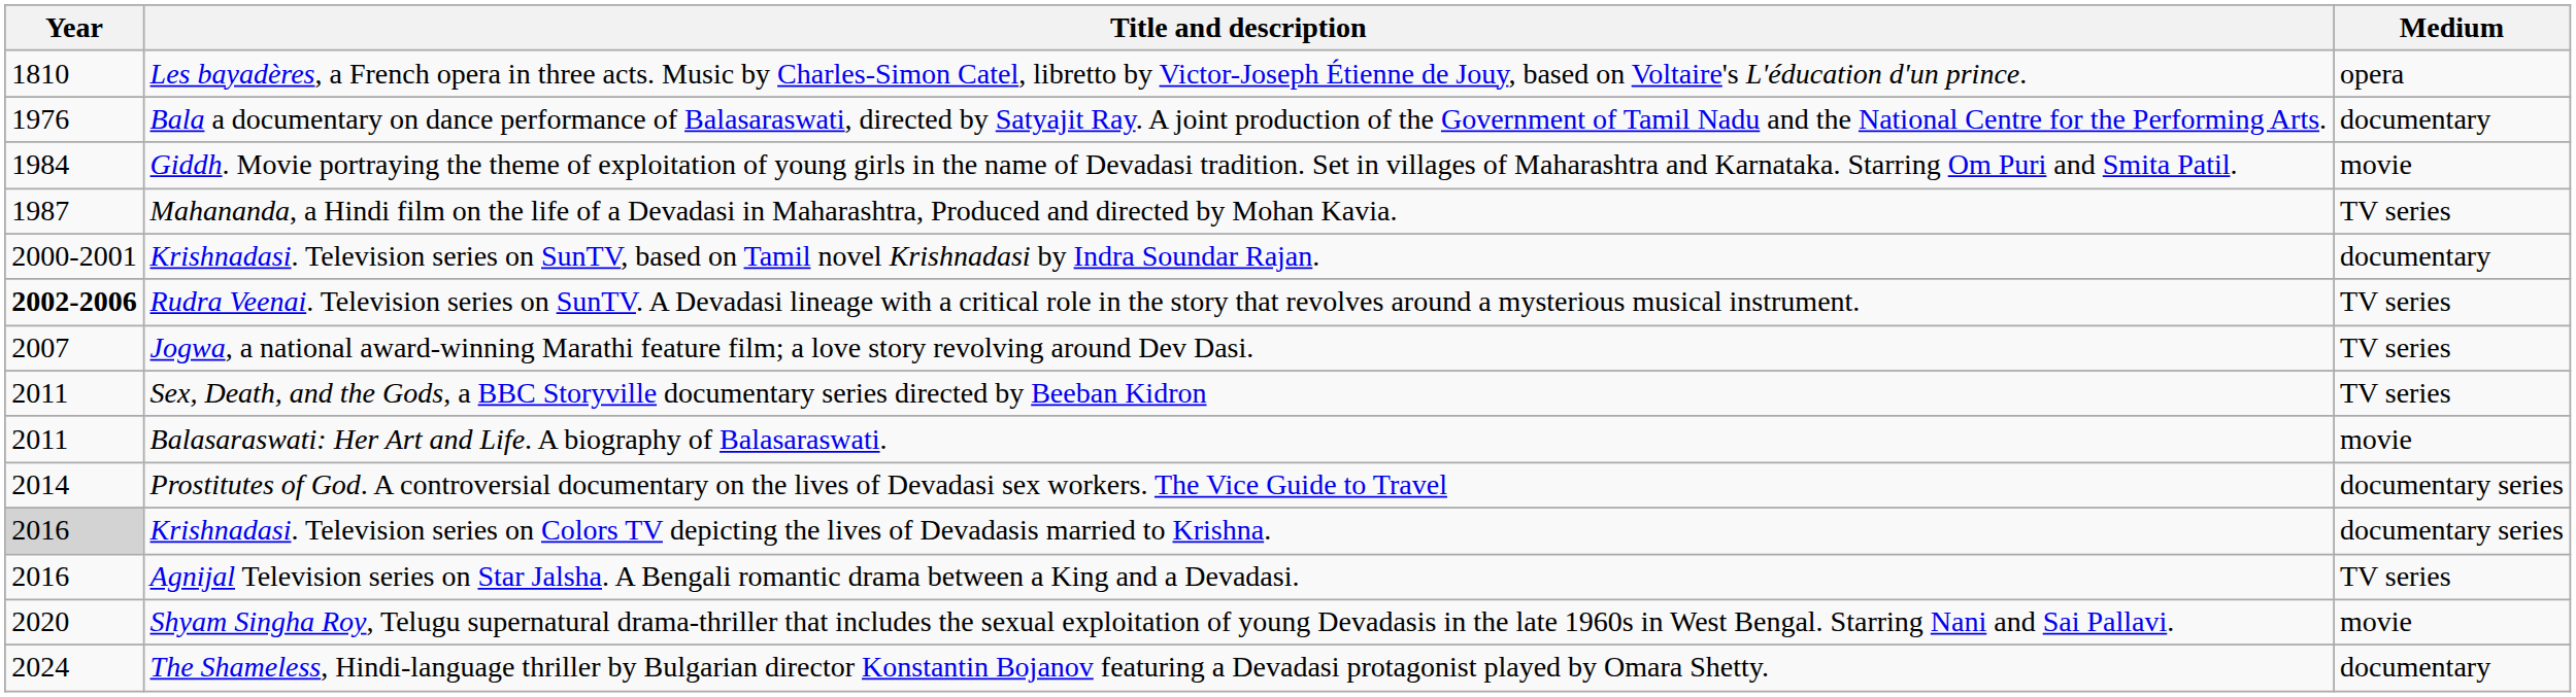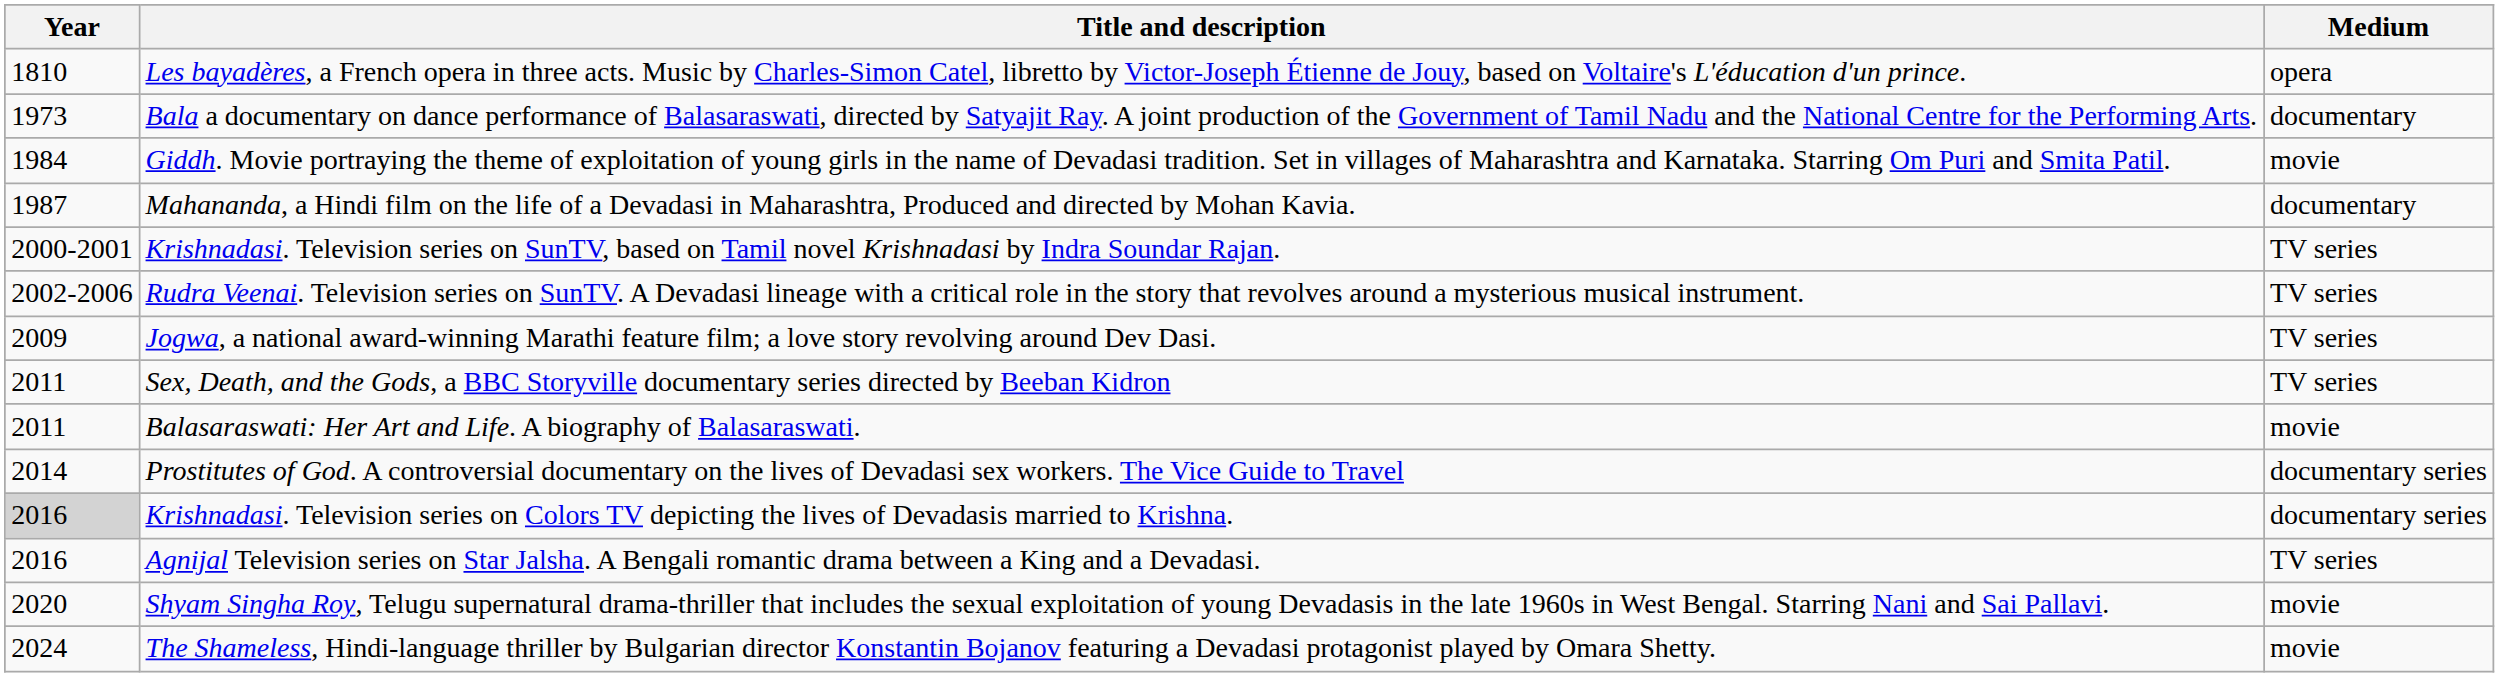 <table class="wikitable sortable">
 <tr>
 <th>Year</th>
 <th>Title and description</th>
 <th>Medium</th>
 </tr>
 <tr>
 <td>1810</td>
 <td><em><a href='#'>Les bayadères</a></em>, a French opera in three acts. Music by <a href='#'>Charles-Simon Catel</a>, libretto by <a href='#'>Victor-Joseph Étienne de Jouy</a>, based on <a href='#'>Voltaire</a>'s <em>L'éducation d'un prince</em>.</td>
 <td>opera</td>
 </tr>
 <tr>
-<td>1976</td>
+<td>1973</td>
 <td><em><a href='#'>Bala</a></em> a documentary on dance performance of <a href='#'>Balasaraswati</a>, directed by <a href='#'>Satyajit Ray</a>. A joint production of the <a href='#'>Government of Tamil Nadu</a> and the <a href='#'>National Centre for the Performing Arts</a>.</td>
 <td>documentary</td>
 </tr>
 <tr>
 <td>1984</td>
 <td><em><a href='#'>Giddh</a></em>. Movie portraying the theme of exploitation of young girls in the name of Devadasi tradition. Set in villages of Maharashtra and Karnataka. Starring <a href='#'>Om Puri</a> and <a href='#'>Smita Patil</a>.</td>
 <td>movie</td>
 </tr>
 <tr>
 <td>1987</td>
 <td><em>Mahananda</em>, a Hindi film on the life of a Devadasi in Maharashtra, Produced and directed by Mohan Kavia.</td>
-<td>TV series</td>
+<td>documentary</td>
 </tr>
 <tr>
 <td>2000-2001</td>
 <td><em><a href='#'>Krishnadasi</a></em>. Television series on <a href='#'>SunTV</a>, based on <a href='#'>Tamil</a> novel <em>Krishnadasi</em> by <a href='#'>Indra Soundar Rajan</a>.</td>
-<td>documentary</td>
+<td>TV series</td>
 </tr>
 <tr>
-<td><strong>2002-2006</strong></td>
+<td>2002-2006</td>
 <td><em><a href='#'>Rudra Veenai</a></em>. Television series on <a href='#'>SunTV</a>. A Devadasi lineage with a critical role in the story that revolves around a mysterious musical instrument.</td>
 <td>TV series</td>
 </tr>
 <tr>
-<td>2007</td>
+<td>2009</td>
 <td><em><a href='#'>Jogwa</a></em>, a national award-winning Marathi feature film; a love story revolving around Dev Dasi.</td>
 <td>TV series</td>
 </tr>
 <tr>
 <td>2011</td>
 <td><em>Sex, Death, and the Gods</em>, a <a href='#'>BBC Storyville</a> documentary series directed by <a href='#'>Beeban Kidron</a></td>
 <td>TV series</td>
 </tr>
 <tr>
 <td>2011</td>
 <td><em>Balasaraswati: Her Art and Life</em>. A biography of <a href='#'>Balasaraswati</a>.</td>
 <td>movie</td>
 </tr>
 <tr>
 <td>2014</td>
 <td><em>Prostitutes of God</em>. A controversial documentary on the lives of Devadasi sex workers. <a href='#'>The Vice Guide to Travel</a></td>
 <td>documentary series</td>
 </tr>
 <tr>
 <td style="background: lightgrey;">2016</td>
 <td><em><a href='#'>Krishnadasi</a></em>. Television series on <a href='#'>Colors TV</a> depicting the lives of Devadasis married to <a href='#'>Krishna</a>.</td>
 <td>documentary series</td>
 </tr>
 <tr>
 <td>2016</td>
 <td><em><a href='#'>Agnijal</a></em> Television series on <a href='#'>Star Jalsha</a>. A Bengali romantic drama between a King and a Devadasi.</td>
 <td>TV series</td>
 </tr>
 <tr>
 <td>2020</td>
 <td><em><a href='#'>Shyam Singha Roy</a></em>, Telugu supernatural drama-thriller that includes the sexual exploitation of young Devadasis in the late 1960s in West Bengal. Starring <a href='#'>Nani</a> and <a href='#'>Sai Pallavi</a>.</td>
 <td>movie</td>
 </tr>
 <tr>
 <td>2024</td>
 <td><em><a href='#'>The Shameless</a></em>, Hindi-language thriller by Bulgarian director <a href='#'>Konstantin Bojanov</a> featuring a Devadasi protagonist played by Omara Shetty.</td>
-<td>documentary</td>
+<td>movie</td>
 </tr>
 </table>
